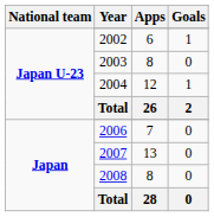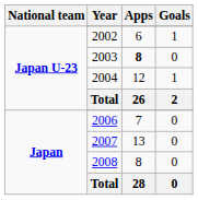 <table class="wikitable" style="font-size:90%; text-align: center">
 <tr>
 <th>National team</th>
 <th>Year</th>
 <th>Apps</th>
 <th>Goals</th>
 </tr>
 <tr>
 <td rowspan="5"><strong><a href='#'>Japan U-23</a></strong></td>
 </tr>
 <tr>
 <td>2002</td>
 <td>6</td>
 <td>1</td>
 </tr>
 <tr>
 <td>2003</td>
-<td>8</td>
+<td><strong>8</strong></td>
 <td>0</td>
 </tr>
 <tr>
 <td>2004</td>
 <td>12</td>
 <td>1</td>
 </tr>
 <tr>
 <th>Total</th>
 <th>26</th>
 <th>2</th>
 </tr>
 <tr>
 <td rowspan="5"><strong><a href='#'>Japan</a></strong></td>
 </tr>
 <tr>
 <td><a href='#'>2006</a></td>
 <td>7</td>
 <td>0</td>
 </tr>
 <tr>
 <td><a href='#'>2007</a></td>
 <td>13</td>
 <td>0</td>
 </tr>
 <tr>
 <td><a href='#'>2008</a></td>
 <td>8</td>
 <td>0</td>
 </tr>
 <tr>
 <th>Total</th>
 <th>28</th>
 <th>0</th>
 </tr>
 </table>
